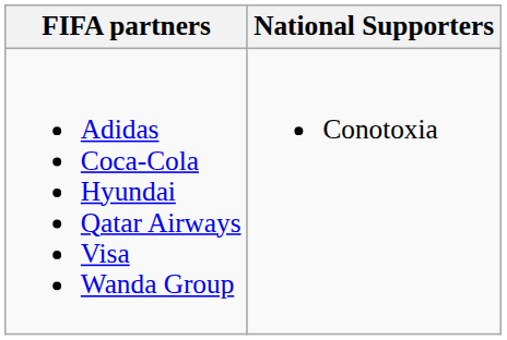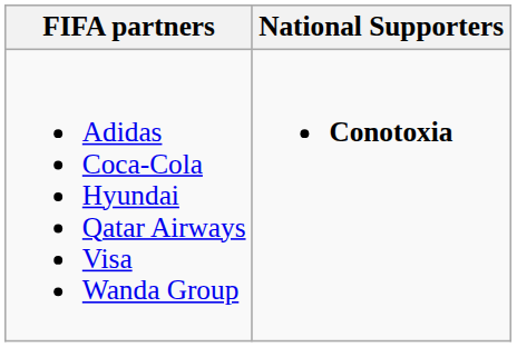 <table class="wikitable sortable">
 <tr>
 <th>FIFA partners</th>
 <th>National Supporters</th>
 </tr>
 <tr>
 <td style="vertical-align:top"><br><ul><li><a href='#'>Adidas</a></li><li><a href='#'>Coca-Cola</a></li><li><a href='#'>Hyundai</a></li><li><a href='#'>Qatar Airways</a></li><li><a href='#'>Visa</a></li><li><a href='#'>Wanda Group</a></li></ul></td>
-<td style="vertical-align:top;"><br><ul><li>Conotoxia</li></ul></td>
+<td style="vertical-align:top;"><strong><br><ul><li>Conotoxia</li></ul></strong></td>
 </tr>
 </table>
